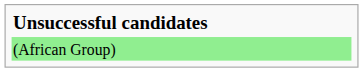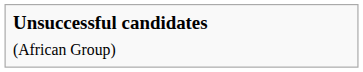 <table class="infobox" style="width:300px;">
 <tr>
 <td><strong>Unsuccessful candidates</strong></td>
 </tr>
 <tr>
-<td style="background: lightgreen;"> <small>(African Group)</small></td>
+<td> <small>(African Group)</small></td>
 </tr>
 </table>
